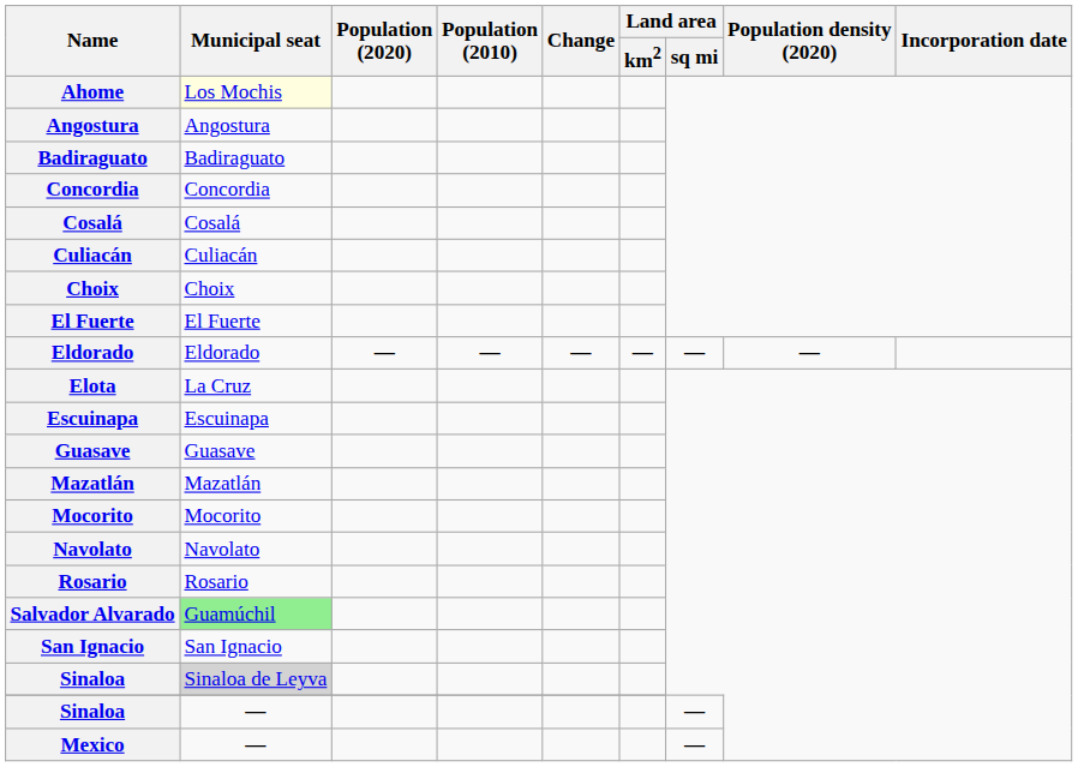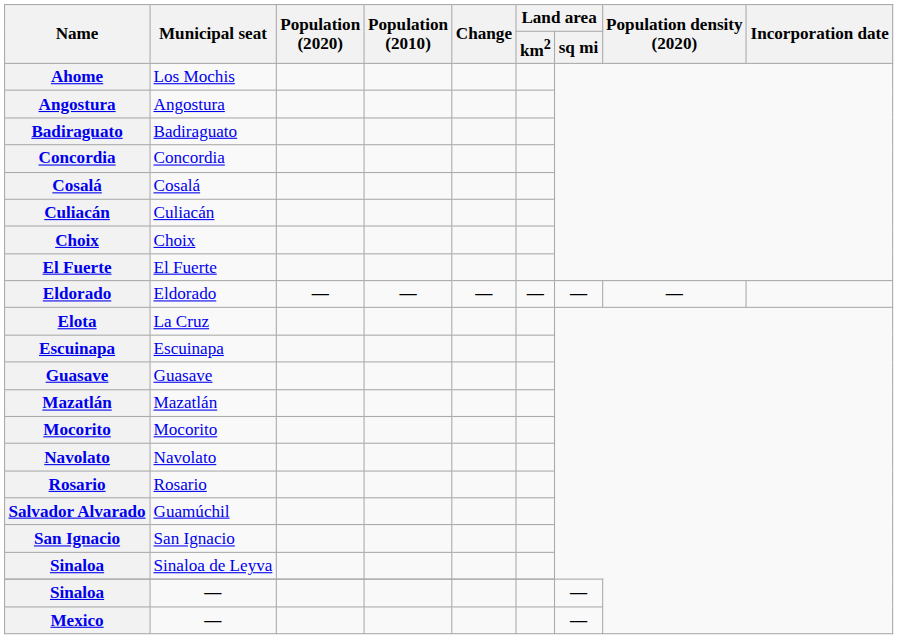 <table class="wikitable sortable" style="text-align:right;">
 <tr>
 <th scope="col"  rowspan=2>Name</th>
 <th scope="col"  rowspan=2>Municipal seat</th>
 <th scope="col"  rowspan=2>Population<br>(2020)</th>
 <th scope="col"  rowspan=2>Population<br>(2010)</th>
 <th scope="col"  rowspan=2>Change</th>
 <th scope="col" data-sort-type="number"  colspan=2>Land area</th>
 <th scope="col" data-sort-type="number"  rowspan=2>Population density<br>(2020)</th>
 <th scope="col"  rowspan=2>Incorporation date</th>
 </tr>
 <tr>
 <th scope="col">km<sup>2</sup></th>
 <th scope="col">sq mi</th>
 </tr>
 <tr>
 <th scope="row" align="left"><a href='#'>Ahome</a></th>
-<td align=left style="background: lightyellow;"><a href='#'>Los Mochis</a></td>
+<td align=left><a href='#'>Los Mochis</a></td>
 <td></td>
 <td></td>
 <td></td>
 <td></td>
 </tr>
 <tr>
 <th scope="row" align="left"><a href='#'>Angostura</a></th>
 <td align=left><a href='#'>Angostura</a></td>
 <td></td>
 <td></td>
 <td></td>
 <td></td>
 </tr>
 <tr>
 <th scope="row" align="left"><a href='#'>Badiraguato</a></th>
 <td align=left><a href='#'>Badiraguato</a></td>
 <td></td>
 <td></td>
 <td></td>
 <td></td>
 </tr>
 <tr>
 <th scope="row" align="left"><a href='#'>Concordia</a></th>
 <td align=left><a href='#'>Concordia</a></td>
 <td></td>
 <td></td>
 <td></td>
 <td></td>
 </tr>
 <tr>
 <th scope="row" align="left"><a href='#'>Cosalá</a></th>
 <td align=left><a href='#'>Cosalá</a></td>
 <td></td>
 <td></td>
 <td></td>
 <td></td>
 </tr>
 <tr>
 <th scope="row" align="left"><a href='#'>Culiacán</a></th>
 <td align=left><a href='#'>Culiacán</a></td>
 <td></td>
 <td></td>
 <td></td>
 <td></td>
 </tr>
 <tr>
 <th scope="row" align="left"><a href='#'>Choix</a></th>
 <td align=left><a href='#'>Choix</a></td>
 <td></td>
 <td></td>
 <td></td>
 <td></td>
 </tr>
 <tr>
 <th scope="row" align="left"><a href='#'>El Fuerte</a></th>
 <td align=left><a href='#'>El Fuerte</a></td>
 <td></td>
 <td></td>
 <td></td>
 <td></td>
 </tr>
 <tr>
 <th scope="row" align="left"><a href='#'>Eldorado</a></th>
 <td align=left><a href='#'>Eldorado</a></td>
 <td align=center><strong>—</strong></td>
 <td align=center><strong>—</strong></td>
 <td align=center><strong>—</strong></td>
 <td align=center><strong>—</strong></td>
 <td align=center><strong>—</strong></td>
 <td align=center><strong>—</strong></td>
 <td></td>
 </tr>
 <tr>
 <th scope="row" align="left"><a href='#'>Elota</a></th>
 <td align=left><a href='#'>La Cruz</a></td>
 <td></td>
 <td></td>
 <td></td>
 <td></td>
 </tr>
 <tr>
 <th scope="row" align="left"><a href='#'>Escuinapa</a></th>
 <td align=left><a href='#'>Escuinapa</a></td>
 <td></td>
 <td></td>
 <td></td>
 <td></td>
 </tr>
 <tr>
 <th scope="row" align="left"><a href='#'>Guasave</a></th>
 <td align=left><a href='#'>Guasave</a></td>
 <td></td>
 <td></td>
 <td></td>
 <td></td>
 </tr>
 <tr>
 <th scope="row" align="left"><a href='#'>Mazatlán</a></th>
 <td align=left><a href='#'>Mazatlán</a></td>
 <td></td>
 <td></td>
 <td></td>
 <td></td>
 </tr>
 <tr>
 <th scope="row" align="left"><a href='#'>Mocorito</a></th>
 <td align=left><a href='#'>Mocorito</a></td>
 <td></td>
 <td></td>
 <td></td>
 <td></td>
 </tr>
 <tr>
 <th scope="row" align="left"><a href='#'>Navolato</a></th>
 <td align=left><a href='#'>Navolato</a></td>
 <td></td>
 <td></td>
 <td></td>
 <td></td>
 </tr>
 <tr>
 <th scope="row" align="left"><a href='#'>Rosario</a></th>
 <td align=left><a href='#'>Rosario</a></td>
 <td></td>
 <td></td>
 <td></td>
 <td></td>
 </tr>
 <tr>
 <th scope="row" align="left"><a href='#'>Salvador Alvarado</a></th>
-<td align=left style="background: lightgreen;"><a href='#'>Guamúchil</a></td>
+<td align=left><a href='#'>Guamúchil</a></td>
 <td></td>
 <td></td>
 <td></td>
 <td></td>
 </tr>
 <tr>
 <th scope="row" align="left"><a href='#'>San Ignacio</a></th>
 <td align=left><a href='#'>San Ignacio</a></td>
 <td></td>
 <td></td>
 <td></td>
 <td></td>
 </tr>
 <tr>
 <th scope="row" align="left"><a href='#'>Sinaloa</a></th>
-<td align=left style="background: lightgrey;"><a href='#'>Sinaloa de Leyva</a></td>
+<td align=left><a href='#'>Sinaloa de Leyva</a></td>
 <td></td>
 <td></td>
 <td></td>
 <td></td>
 </tr>
 <tr>
 </tr>
 <tr class="sortbottom" style="text-align:center;" style="background: #f2f2f2;">
 <th scope="row" align="left"><strong><a href='#'>Sinaloa</a></strong></th>
 <td><strong>—</strong></td>
 <td></td>
 <td><strong></strong></td>
 <td><strong></strong></td>
 <td align="right"><strong></strong></td>
 <td><strong>—</strong></td>
 </tr>
 <tr class="sortbottom" style="text-align:center;" style="background: #f2f2f2;">
 <th scope="row" align="left"><strong><a href='#'>Mexico</a></strong></th>
 <td><strong>—</strong></td>
 <td></td>
 <td><strong></strong></td>
 <td><strong></strong></td>
 <td align="right"><strong></strong></td>
 <td><strong>—</strong></td>
 </tr>
 </table>
